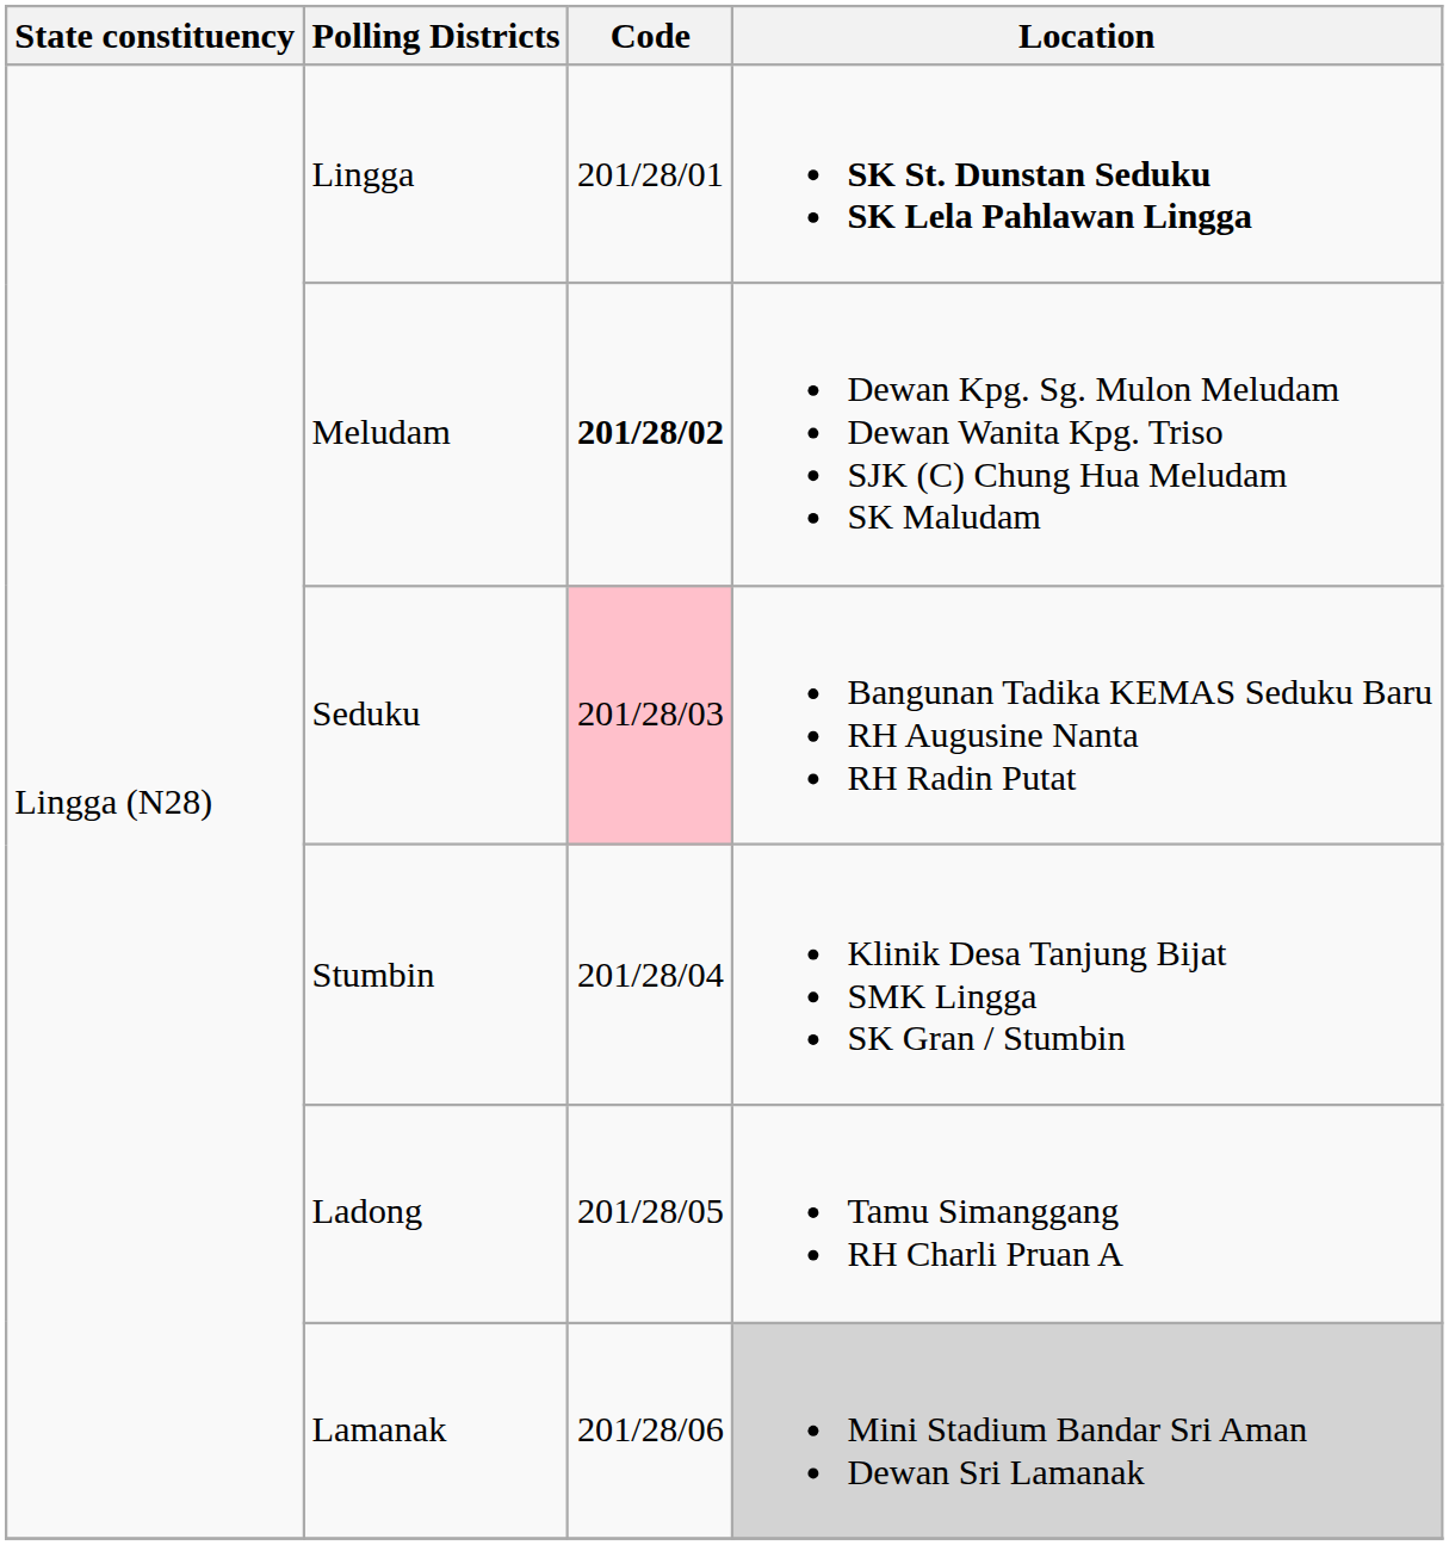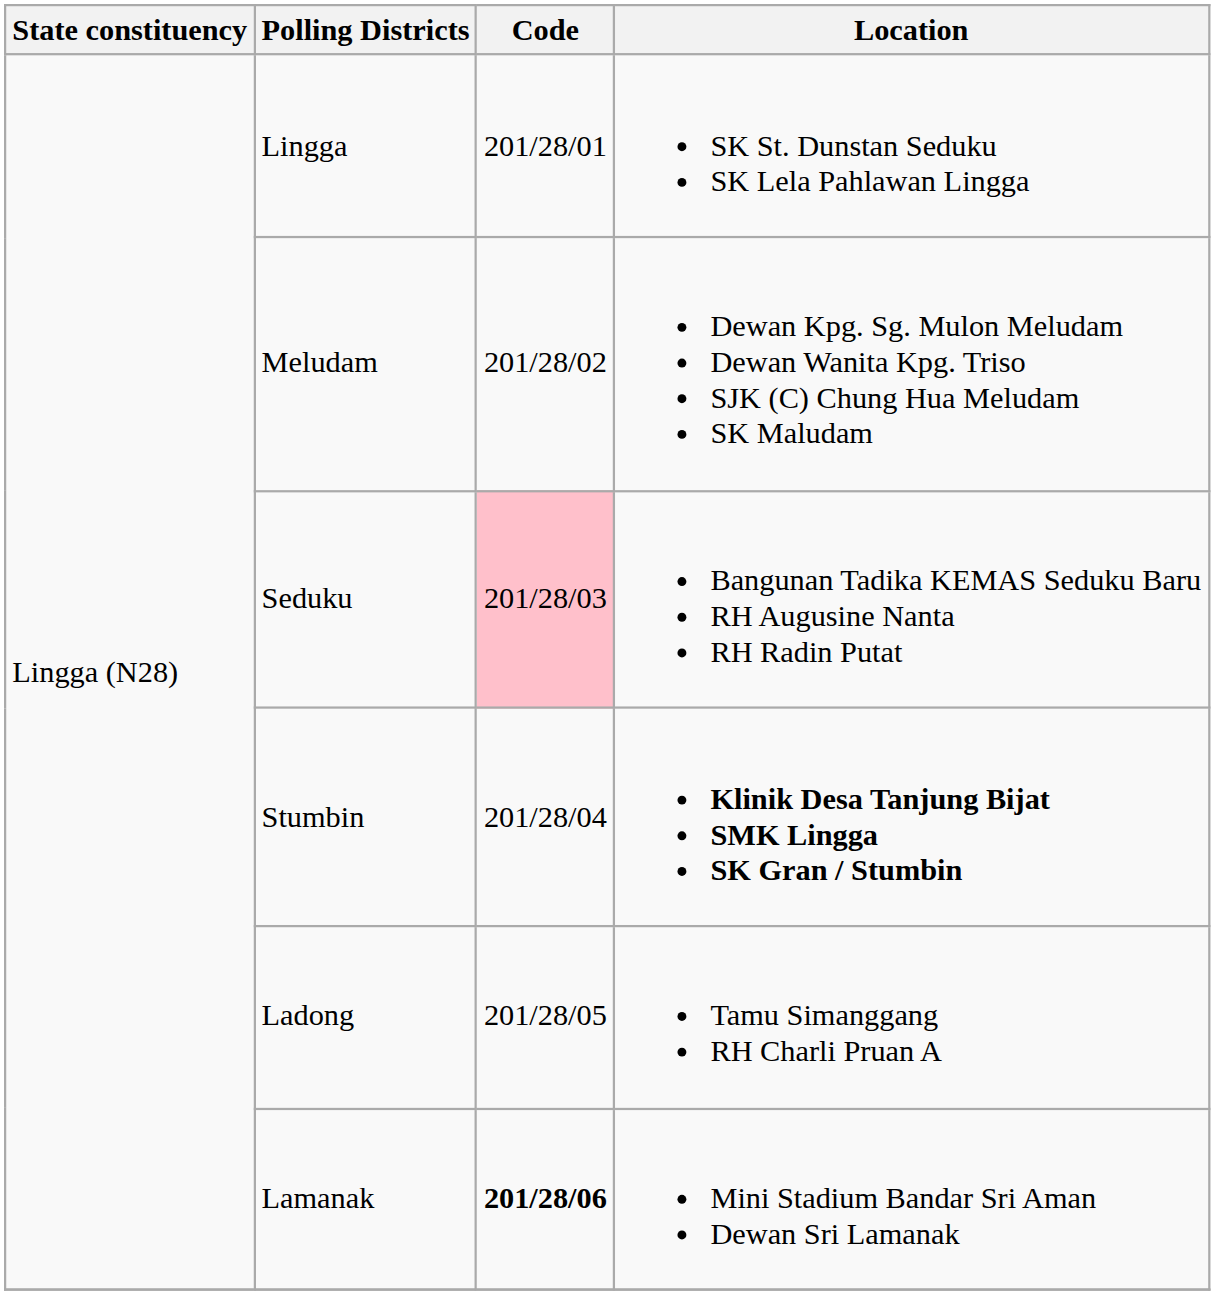 <table class="wikitable sortable mw-collapsible" style="white-space:nowrap;font-size:85%">
 <tr>
 <th>State constituency</th>
 <th>Polling Districts</th>
 <th>Code</th>
 <th>Location</th>
 </tr>
 <tr>
 <td rowspan="6">Lingga (N28)</td>
 <td>Lingga</td>
 <td>201/28/01</td>
-<td><strong><br><ul><li>SK St. Dunstan Seduku</li><li>SK Lela Pahlawan Lingga</li></ul></strong></td>
+<td><br><ul><li>SK St. Dunstan Seduku</li><li>SK Lela Pahlawan Lingga</li></ul></td>
 </tr>
 <tr>
 <td>Meludam</td>
-<td><strong>201/28/02</strong></td>
+<td>201/28/02</td>
 <td><br><ul><li>Dewan Kpg. Sg. Mulon Meludam</li><li>Dewan Wanita Kpg. Triso</li><li>SJK (C) Chung Hua Meludam</li><li>SK Maludam</li></ul></td>
 </tr>
 <tr>
 <td>Seduku</td>
 <td style="background: pink;">201/28/03</td>
 <td><br><ul><li>Bangunan Tadika KEMAS Seduku Baru</li><li>RH Augusine Nanta</li><li>RH Radin Putat</li></ul></td>
 </tr>
 <tr>
 <td>Stumbin</td>
 <td>201/28/04</td>
-<td><br><ul><li>Klinik Desa Tanjung Bijat</li><li>SMK Lingga</li><li>SK Gran / Stumbin</li></ul></td>
+<td><strong><br><ul><li>Klinik Desa Tanjung Bijat</li><li>SMK Lingga</li><li>SK Gran / Stumbin</li></ul></strong></td>
 </tr>
 <tr>
 <td>Ladong</td>
 <td>201/28/05</td>
 <td><br><ul><li>Tamu Simanggang</li><li>RH Charli Pruan A</li></ul></td>
 </tr>
 <tr>
 <td>Lamanak</td>
-<td>201/28/06</td>
-<td style="background: lightgrey;"><br><ul><li>Mini Stadium Bandar Sri Aman</li><li>Dewan Sri Lamanak</li></ul></td>
+<td><strong>201/28/06</strong></td>
+<td><br><ul><li>Mini Stadium Bandar Sri Aman</li><li>Dewan Sri Lamanak</li></ul></td>
 </tr>
 <tr>
 </tr>
 </table>
